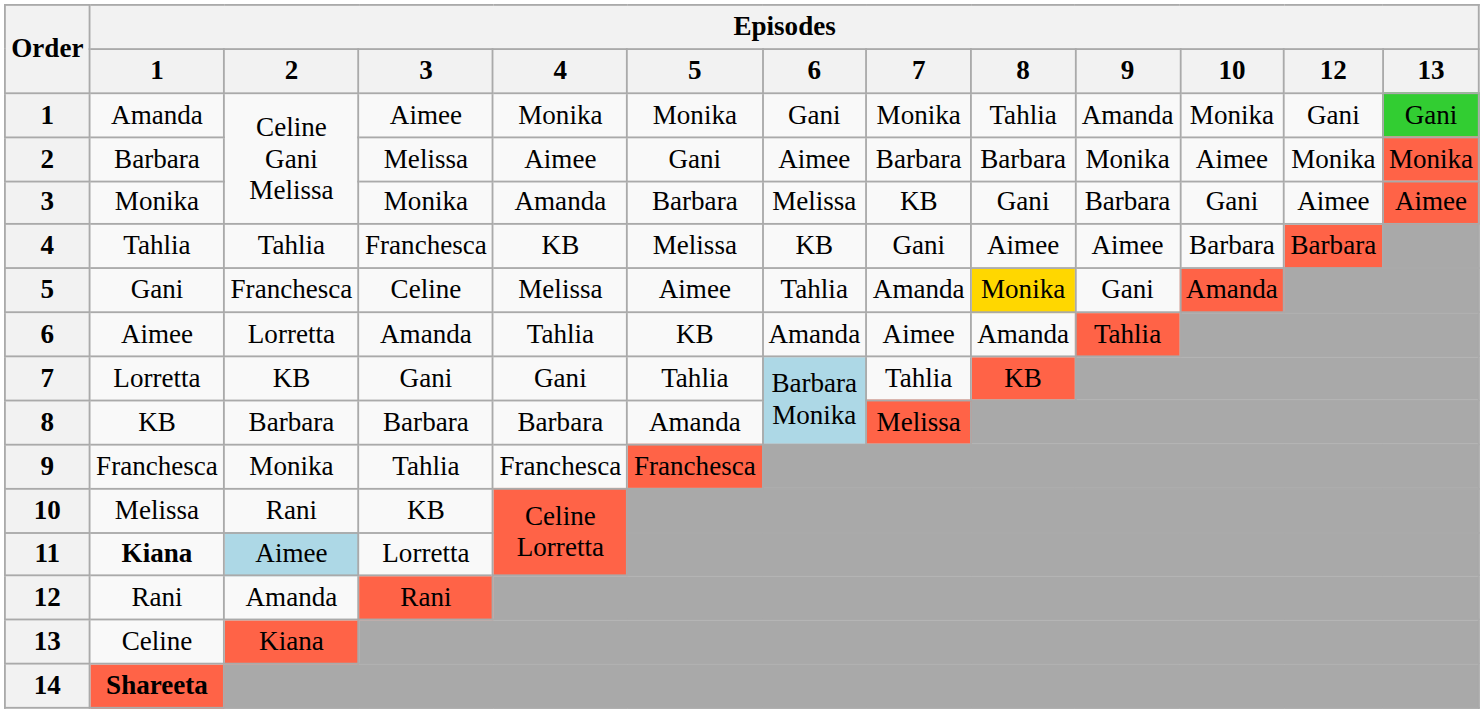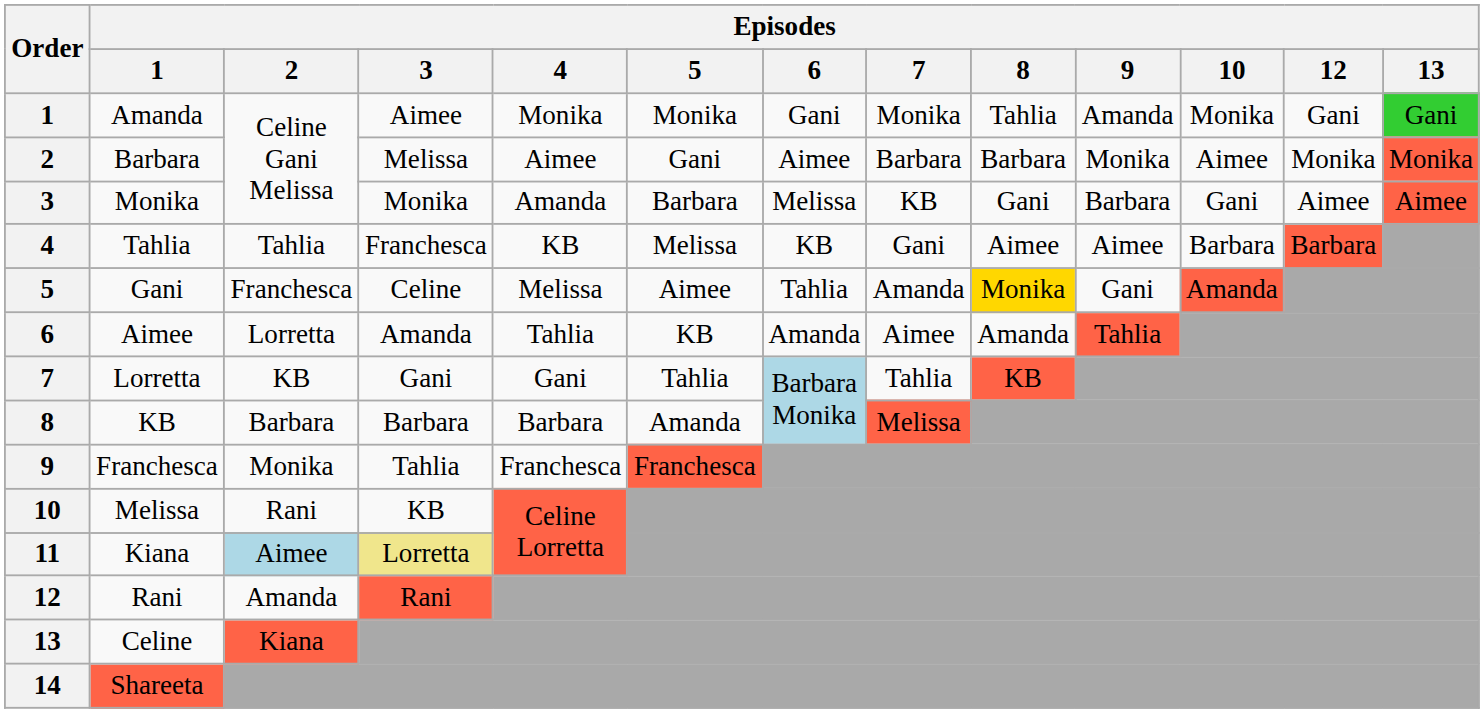 <table class="wikitable" style="text-align:center; font-size:92%">
 <tr>
 <th rowspan=2>Order</th>
 <th colspan="12">Episodes</th>
 </tr>
 <tr>
 <th>1</th>
 <th>2</th>
 <th>3</th>
 <th>4</th>
 <th>5</th>
 <th>6</th>
 <th>7</th>
 <th>8</th>
 <th>9</th>
 <th>10</th>
 <th>12</th>
 <th>13</th>
 </tr>
 <tr>
 <th>1</th>
 <td>Amanda</td>
 <td rowspan="3">Celine<br>Gani<br>Melissa</td>
 <td>Aimee</td>
 <td>Monika</td>
 <td>Monika</td>
 <td>Gani</td>
 <td>Monika</td>
 <td>Tahlia</td>
 <td>Amanda</td>
 <td>Monika</td>
 <td>Gani</td>
 <td style="background:limegreen;">Gani</td>
 </tr>
 <tr>
 <th>2</th>
 <td>Barbara</td>
 <td>Melissa</td>
 <td>Aimee</td>
 <td>Gani</td>
 <td>Aimee</td>
 <td>Barbara</td>
 <td>Barbara</td>
 <td>Monika</td>
 <td>Aimee</td>
 <td>Monika</td>
 <td style="background:tomato;">Monika</td>
 </tr>
 <tr>
 <th>3</th>
 <td>Monika</td>
 <td>Monika</td>
 <td>Amanda</td>
 <td>Barbara</td>
 <td>Melissa</td>
 <td>KB</td>
 <td>Gani</td>
 <td>Barbara</td>
 <td>Gani</td>
 <td>Aimee</td>
 <td style="background:tomato;">Aimee</td>
 </tr>
 <tr>
 <th>4</th>
 <td>Tahlia</td>
 <td>Tahlia</td>
 <td>Franchesca</td>
 <td>KB</td>
 <td>Melissa</td>
 <td>KB</td>
 <td>Gani</td>
 <td>Aimee</td>
 <td>Aimee</td>
 <td>Barbara</td>
 <td style="background:tomato;">Barbara</td>
 <td style="background:darkgrey;"></td>
 </tr>
 <tr>
 <th>5</th>
 <td>Gani</td>
 <td>Franchesca</td>
 <td>Celine</td>
 <td>Melissa</td>
 <td>Aimee</td>
 <td>Tahlia</td>
 <td>Amanda</td>
 <td style="background:gold;">Monika</td>
 <td>Gani</td>
 <td style="background:tomato;">Amanda</td>
 <td colspan="5" style="background:darkgrey;"></td>
 </tr>
 <tr>
 <th>6</th>
 <td>Aimee</td>
 <td>Lorretta</td>
 <td>Amanda</td>
 <td>Tahlia</td>
 <td>KB</td>
 <td>Amanda</td>
 <td>Aimee</td>
 <td>Amanda</td>
 <td style="background:tomato;">Tahlia</td>
 <td colspan="6" style="background:darkgrey;"></td>
 </tr>
 <tr>
 <th>7</th>
 <td>Lorretta</td>
 <td>KB</td>
 <td>Gani</td>
 <td>Gani</td>
 <td>Tahlia</td>
 <td rowspan="2" style="background:lightblue;">Barbara<br>Monika</td>
 <td>Tahlia</td>
 <td style="background:tomato;">KB</td>
 <td colspan="7" style="background:darkgrey;"></td>
 </tr>
 <tr>
 <th>8</th>
 <td>KB</td>
 <td>Barbara</td>
 <td>Barbara</td>
 <td>Barbara</td>
 <td>Amanda</td>
 <td style="background:tomato;">Melissa</td>
 <td colspan="8" style="background:darkgrey;"></td>
 </tr>
 <tr>
 <th>9</th>
 <td>Franchesca</td>
 <td>Monika</td>
 <td>Tahlia</td>
 <td>Franchesca</td>
 <td style="background:tomato;">Franchesca</td>
 <td colspan="9" style="background:darkgrey;"></td>
 </tr>
 <tr>
 <th>10</th>
 <td>Melissa</td>
 <td>Rani</td>
 <td>KB</td>
 <td rowspan="2" style="background:tomato;">Celine<br>Lorretta</td>
 <td colspan="10" style="background:darkgrey;"></td>
 </tr>
 <tr>
 <th>11</th>
-<td><strong>Kiana</strong></td>
+<td>Kiana</td>
 <td style="background: lightblue;">Aimee</td>
-<td>Lorretta</td>
+<td style="background: khaki;">Lorretta</td>
 <td colspan="11" style="background:darkgrey;"></td>
 </tr>
 <tr>
 <th>12</th>
 <td>Rani</td>
 <td>Amanda</td>
 <td style="background:tomato;">Rani</td>
 <td colspan="12" style="background:darkgrey;"></td>
 </tr>
 <tr>
 <th>13</th>
 <td>Celine</td>
 <td style="background:tomato;">Kiana</td>
 <td colspan="13" style="background:darkgrey;"></td>
 </tr>
 <tr>
 <th>14</th>
-<td style="background:tomato;"><strong>Shareeta</strong></td>
+<td style="background:tomato;">Shareeta</td>
 <td colspan="14" style="background:darkgrey;"></td>
 </tr>
 </table>
